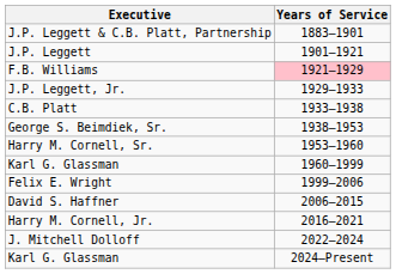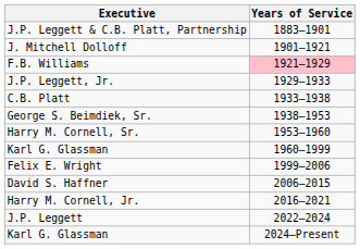 <table class="wikitable">
 <tr>
 <th>Executive</th>
 <th>Years of Service</th>
 </tr>
 <tr>
 <td>J.P. Leggett & C.B. Platt, Partnership</td>
 <td align="center">1883–1901</td>
 </tr>
 <tr>
-<td>J.P. Leggett</td>
+<td>J. Mitchell Dolloff</td>
 <td align="center">1901–1921</td>
 </tr>
 <tr>
 <td>F.B. Williams</td>
 <td align="center" style="background: pink;">1921–1929</td>
 </tr>
 <tr>
 <td>J.P. Leggett, Jr.</td>
 <td align="center">1929–1933</td>
 </tr>
 <tr>
 <td>C.B. Platt</td>
 <td align="center">1933–1938</td>
 </tr>
 <tr>
 <td>George S. Beimdiek, Sr.</td>
 <td align="center">1938–1953</td>
 </tr>
 <tr>
 <td>Harry M. Cornell, Sr.</td>
 <td align="center">1953–1960</td>
 </tr>
 <tr>
 <td>Karl G. Glassman</td>
 <td align="center">1960–1999</td>
 </tr>
 <tr>
 <td>Felix E. Wright</td>
 <td align="center">1999–2006</td>
 </tr>
 <tr>
 <td>David S. Haffner</td>
 <td align="center">2006–2015</td>
 </tr>
 <tr>
 <td>Harry M. Cornell, Jr.</td>
 <td align="center">2016–2021</td>
 </tr>
 <tr>
-<td>J. Mitchell Dolloff</td>
+<td>J.P. Leggett</td>
 <td align="center">2022–2024</td>
 </tr>
 <tr>
 <td>Karl G. Glassman</td>
 <td align="center">2024–Present</td>
 </tr>
 </table>
